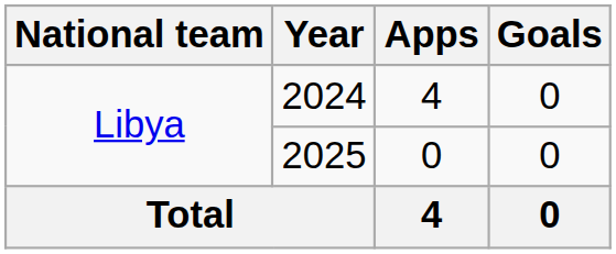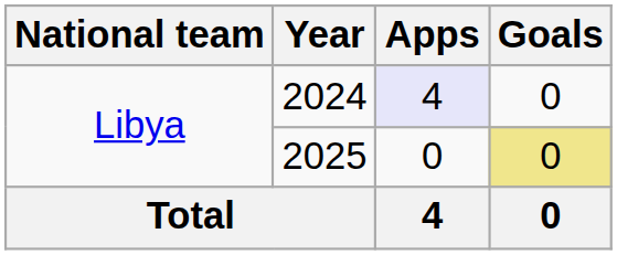 <table class="wikitable" style="text-align:center">
 <tr>
 <th>National team</th>
 <th>Year</th>
 <th>Apps</th>
 <th>Goals</th>
 </tr>
 <tr>
 <td rowspan="2"><a href='#'>Libya</a></td>
 <td>2024</td>
-<td>4</td>
+<td style="background: lavender;">4</td>
 <td>0</td>
 </tr>
 <tr>
 <td>2025</td>
 <td>0</td>
-<td>0</td>
+<td style="background: khaki;">0</td>
 </tr>
 <tr>
 <th colspan=2>Total</th>
 <th>4</th>
 <th>0</th>
 </tr>
 </table>
